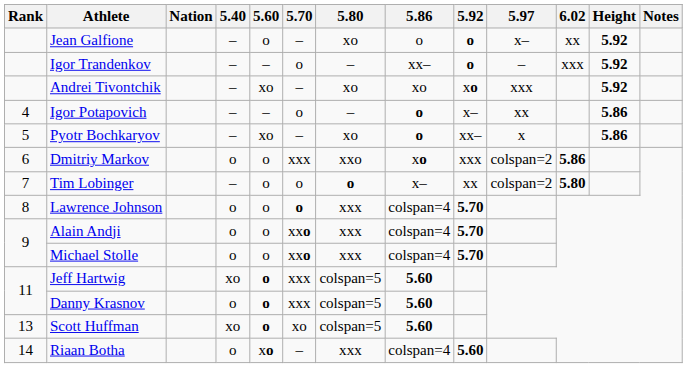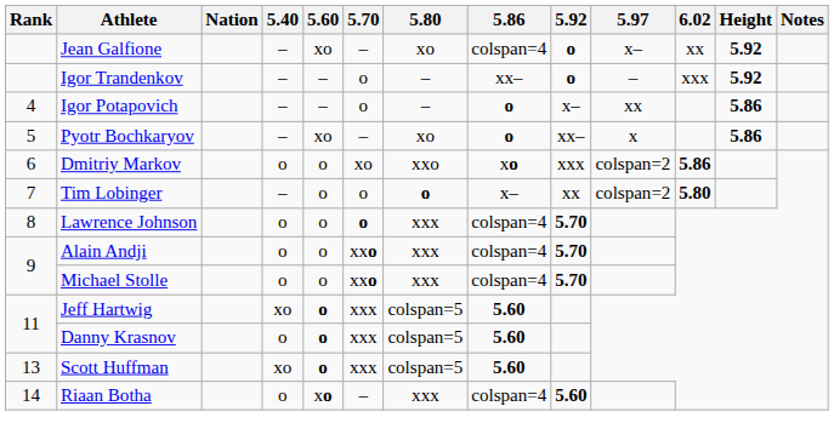 <table class="wikitable sortable" style="text-align:center">
 <tr>
 <th>Rank</th>
 <th>Athlete</th>
 <th>Nation</th>
 <th>5.40</th>
 <th>5.60</th>
 <th>5.70</th>
 <th>5.80</th>
 <th>5.86</th>
 <th>5.92</th>
 <th>5.97</th>
 <th>6.02</th>
 <th>Height</th>
 <th>Notes</th>
 </tr>
 <tr>
 <td></td>
 <td align="left"><a href='#'>Jean Galfione</a></td>
 <td align=left></td>
 <td>–</td>
-<td>o</td>
+<td>xo</td>
 <td>–</td>
 <td>xo</td>
-<td>o</td>
+<td>colspan=4 </td>
 <td><strong>o</strong></td>
 <td>x–</td>
 <td>xx</td>
 <td><strong>5.92</strong></td>
 <td></td>
 </tr>
 <tr>
 <td></td>
 <td align="left"><a href='#'>Igor Trandenkov</a></td>
 <td align=left></td>
 <td>–</td>
 <td>–</td>
 <td>o</td>
 <td>–</td>
 <td>xx–</td>
 <td><strong>o</strong></td>
 <td>–</td>
 <td>xxx</td>
-<td><strong>5.92</strong></td>
-<td></td>
-</tr>
-<tr>
-<td></td>
-<td align="left"><a href='#'>Andrei Tivontchik</a></td>
-<td align=left></td>
-<td>–</td>
-<td>xo</td>
-<td>–</td>
-<td>xo</td>
-<td>xo</td>
-<td>x<strong>o</strong></td>
-<td>xxx</td>
-<td></td>
 <td><strong>5.92</strong></td>
 <td></td>
 </tr>
 <tr>
 <td>4</td>
 <td align="left"><a href='#'>Igor Potapovich</a></td>
 <td align=left></td>
 <td>–</td>
 <td>–</td>
 <td>o</td>
 <td>–</td>
 <td><strong>o</strong></td>
 <td>x–</td>
 <td>xx</td>
 <td></td>
 <td><strong>5.86</strong></td>
 <td></td>
 </tr>
 <tr>
 <td>5</td>
 <td align="left"><a href='#'>Pyotr Bochkaryov</a></td>
 <td align=left></td>
 <td>–</td>
 <td>xo</td>
 <td>–</td>
 <td>xo</td>
 <td><strong>o</strong></td>
 <td>xx–</td>
 <td>x</td>
 <td></td>
 <td><strong>5.86</strong></td>
 <td></td>
 </tr>
 <tr>
 <td>6</td>
 <td align="left"><a href='#'>Dmitriy Markov</a></td>
 <td align=left></td>
 <td>o</td>
 <td>o</td>
-<td>xxx</td>
+<td>xo</td>
 <td>xxo</td>
 <td>x<strong>o</strong></td>
 <td>xxx</td>
 <td>colspan=2 </td>
 <td><strong>5.86</strong></td>
 <td></td>
 </tr>
 <tr>
 <td>7</td>
 <td align="left"><a href='#'>Tim Lobinger</a></td>
 <td align=left></td>
 <td>–</td>
 <td>o</td>
 <td>o</td>
 <td><strong>o</strong></td>
 <td>x–</td>
 <td>xx</td>
 <td>colspan=2 </td>
 <td><strong>5.80</strong></td>
 <td></td>
 </tr>
 <tr>
 <td>8</td>
 <td align="left"><a href='#'>Lawrence Johnson</a></td>
 <td align=left></td>
 <td>o</td>
 <td>o</td>
 <td><strong>o</strong></td>
 <td>xxx</td>
 <td>colspan=4 </td>
 <td><strong>5.70</strong></td>
 <td></td>
 </tr>
 <tr>
 <td rowspan=2>9</td>
 <td align="left"><a href='#'>Alain Andji</a></td>
 <td align=left></td>
 <td>o</td>
 <td>o</td>
 <td>xx<strong>o</strong></td>
 <td>xxx</td>
 <td>colspan=4 </td>
 <td><strong>5.70</strong></td>
 <td></td>
 </tr>
 <tr>
 <td align="left"><a href='#'>Michael Stolle</a></td>
 <td align=left></td>
 <td>o</td>
 <td>o</td>
 <td>xx<strong>o</strong></td>
 <td>xxx</td>
 <td>colspan=4 </td>
 <td><strong>5.70</strong></td>
 <td></td>
 </tr>
 <tr>
 <td rowspan=2>11</td>
 <td align="left"><a href='#'>Jeff Hartwig</a></td>
 <td align=left></td>
 <td>xo</td>
 <td><strong>o</strong></td>
 <td>xxx</td>
 <td>colspan=5 </td>
 <td><strong>5.60</strong></td>
 <td></td>
 </tr>
 <tr>
 <td align="left"><a href='#'>Danny Krasnov</a></td>
 <td align=left></td>
 <td>o</td>
 <td><strong>o</strong></td>
 <td>xxx</td>
 <td>colspan=5 </td>
 <td><strong>5.60</strong></td>
 <td></td>
 </tr>
 <tr>
 <td>13</td>
 <td align="left"><a href='#'>Scott Huffman</a></td>
 <td align=left></td>
 <td>xo</td>
 <td><strong>o</strong></td>
-<td>xo</td>
+<td>xxx</td>
 <td>colspan=5 </td>
 <td><strong>5.60</strong></td>
 <td></td>
 </tr>
 <tr>
 <td>14</td>
 <td align="left"><a href='#'>Riaan Botha</a></td>
 <td align=left></td>
 <td>o</td>
 <td>x<strong>o</strong></td>
 <td>–</td>
 <td>xxx</td>
 <td>colspan=4 </td>
 <td><strong>5.60</strong></td>
 <td></td>
 </tr>
 </table>
